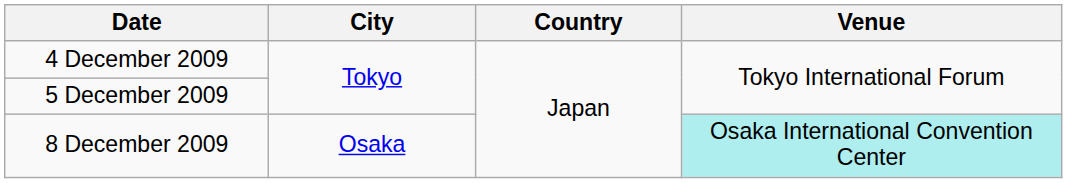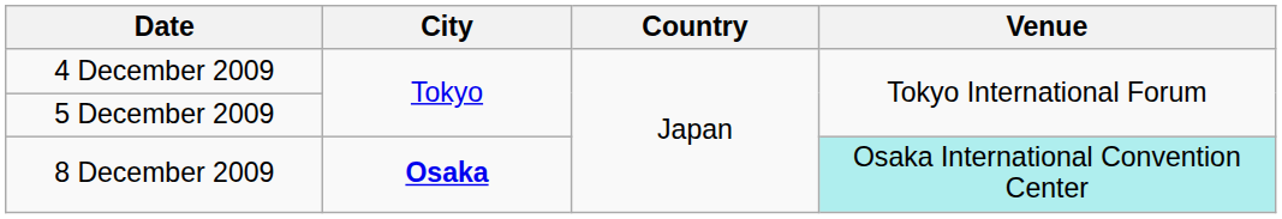 <table class="wikitable" style="text-align:center;">
 <tr>
 <th scope="col" style="width:11em;">Date</th>
 <th scope="col" style="width:8.5em;">City</th>
 <th scope="col" style="width:8.5em;">Country</th>
 <th scope="col" style="width:16em;">Venue</th>
 </tr>
 <tr>
 <td>4 December 2009</td>
 <td rowspan="2"><a href='#'>Tokyo</a></td>
 <td rowspan="3">Japan</td>
 <td rowspan="2">Tokyo International Forum</td>
 </tr>
 <tr>
 <td>5 December 2009</td>
 </tr>
 <tr>
 <td>8 December 2009</td>
-<td><a href='#'>Osaka</a></td>
+<td><strong><a href='#'>Osaka</a></strong></td>
 <td style="background: paleturquoise;">Osaka International Convention Center</td>
 </tr>
 </table>
